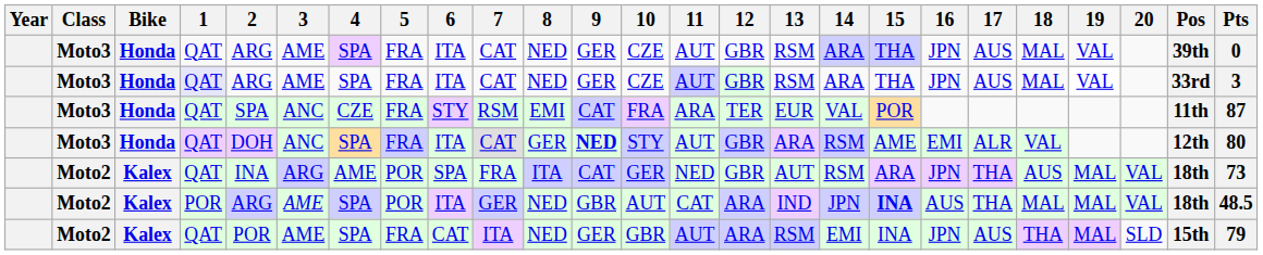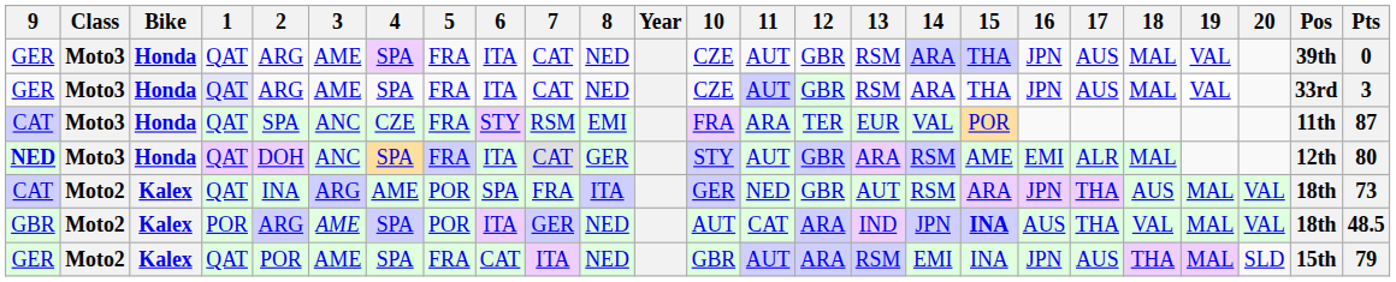 <table class="wikitable" style="text-align:center">
 <tr>
-<th>Year</th>
+<th>9</th>
 <th>Class</th>
 <th>Bike</th>
 <th>1</th>
 <th>2</th>
 <th>3</th>
 <th>4</th>
 <th>5</th>
 <th>6</th>
 <th>7</th>
 <th>8</th>
-<th>9</th>
+<th>Year</th>
 <th>10</th>
 <th>11</th>
 <th>12</th>
 <th>13</th>
 <th>14</th>
 <th>15</th>
 <th>16</th>
 <th>17</th>
 <th>18</th>
 <th>19</th>
 <th>20</th>
 <th>Pos</th>
 <th>Pts</th>
 </tr>
 <tr>
-<th></th>
+<td><a href='#'>GER</a></td>
 <th>Moto3</th>
 <th><a href='#'>Honda</a></th>
 <td><a href='#'>QAT</a></td>
 <td><a href='#'>ARG</a></td>
 <td><a href='#'>AME</a></td>
 <td style="background:#EFCFFF;"><a href='#'>SPA</a><br></td>
 <td><a href='#'>FRA</a></td>
 <td><a href='#'>ITA</a></td>
 <td><a href='#'>CAT</a></td>
 <td><a href='#'>NED</a></td>
-<td><a href='#'>GER</a></td>
+<th></th>
 <td><a href='#'>CZE</a></td>
 <td><a href='#'>AUT</a></td>
 <td><a href='#'>GBR</a></td>
 <td><a href='#'>RSM</a></td>
 <td style="background:#CFCFFF;"><a href='#'>ARA</a><br></td>
 <td style="background:#CFCFFF;"><a href='#'>THA</a><br></td>
 <td><a href='#'>JPN</a></td>
 <td><a href='#'>AUS</a></td>
 <td><a href='#'>MAL</a></td>
 <td><a href='#'>VAL</a></td>
 <td></td>
 <th>39th</th>
 <th>0</th>
 </tr>
 <tr>
-<th></th>
+<td><a href='#'>GER</a></td>
 <th>Moto3</th>
 <th><a href='#'>Honda</a></th>
 <td style="background: lavender;"><a href='#'>QAT</a></td>
 <td><a href='#'>ARG</a></td>
 <td><a href='#'>AME</a></td>
 <td><a href='#'>SPA</a></td>
 <td><a href='#'>FRA</a></td>
 <td><a href='#'>ITA</a></td>
 <td><a href='#'>CAT</a></td>
 <td><a href='#'>NED</a></td>
-<td><a href='#'>GER</a></td>
+<th></th>
 <td><a href='#'>CZE</a></td>
 <td style="background:#CFCFFF;"><a href='#'>AUT</a><br></td>
 <td style="background:#DFFFDF;"><a href='#'>GBR</a><br></td>
 <td><a href='#'>RSM</a></td>
 <td><a href='#'>ARA</a></td>
 <td><a href='#'>THA</a></td>
 <td><a href='#'>JPN</a></td>
 <td><a href='#'>AUS</a></td>
 <td><a href='#'>MAL</a></td>
 <td style="background:#FFFFFF;"><a href='#'>VAL</a><br></td>
 <td></td>
 <th>33rd</th>
 <th>3</th>
 </tr>
 <tr>
-<th></th>
+<td style="background:#cfcfff;"><a href='#'>CAT</a><br></td>
 <th>Moto3</th>
 <th><a href='#'>Honda</a></th>
 <td style="background:#dfffdf;"><a href='#'>QAT</a><br></td>
 <td style="background:#dfffdf;"><a href='#'>SPA</a><br></td>
 <td style="background:#dfffdf;"><a href='#'>ANC</a><br></td>
 <td style="background:#dfffdf;"><a href='#'>CZE</a><br></td>
 <td style="background:#DFFFDF;"><a href='#'>FRA</a><br></td>
 <td style="background:#efcfff;"><a href='#'>STY</a><br></td>
 <td style="background:#dfffdf;"><a href='#'>RSM</a><br></td>
 <td style="background:#dfffdf;"><a href='#'>EMI</a><br></td>
-<td style="background:#cfcfff;"><a href='#'>CAT</a><br></td>
+<th></th>
 <td style="background:#efcfff;"><a href='#'>FRA</a><br></td>
 <td style="background:#dfffdf;"><a href='#'>ARA</a><br></td>
 <td style="background:#dfffdf;"><a href='#'>TER</a><br></td>
 <td style="background:#dfffdf;"><a href='#'>EUR</a><br></td>
 <td style="background:#dfffdf;"><a href='#'>VAL</a><br></td>
 <td style="background:#ffdf9f;"><a href='#'>POR</a><br></td>
 <td></td>
 <td></td>
 <td></td>
 <td></td>
 <td></td>
 <th>11th</th>
 <th>87</th>
 </tr>
 <tr>
-<th></th>
+<td style="background:#dfffdf;"><strong><a href='#'>NED</a></strong><br></td>
 <th>Moto3</th>
 <th><a href='#'>Honda</a></th>
 <td style="background:#efcfff;"><a href='#'>QAT</a><br></td>
 <td style="background:#efcfff;"><a href='#'>DOH</a><br></td>
 <td style="background:#dfffdf;"><a href='#'>ANC</a><br></td>
 <td style="background:#ffdf9f;"><a href='#'>SPA</a><br></td>
 <td style="background:#cfcfff;"><a href='#'>FRA</a><br></td>
 <td style="background:#dfffdf;"><a href='#'>ITA</a><br></td>
 <td style="background:#dfdfdf;"><a href='#'>CAT</a><br></td>
 <td style="background:#dfffdf;"><a href='#'>GER</a><br></td>
-<td style="background:#dfffdf;"><strong><a href='#'>NED</a></strong><br></td>
+<th></th>
 <td style="background:#cfcfff;"><a href='#'>STY</a><br></td>
 <td style="background:#dfffdf;"><a href='#'>AUT</a><br></td>
 <td style="background:#cfcfff;"><a href='#'>GBR</a><br></td>
 <td style="background:#efcfff;"><a href='#'>ARA</a><br></td>
 <td style="background:#cfcfff;"><a href='#'>RSM</a><br></td>
 <td style="background:#dfffdf;"><a href='#'>AME</a><br></td>
 <td style="background:#dfffdf;"><a href='#'>EMI</a><br></td>
 <td style="background:#dfffdf;"><a href='#'>ALR</a><br></td>
-<td style="background:#dfffdf;"><a href='#'>VAL</a><br></td>
+<td style="background:#dfffdf;"><a href='#'>MAL</a><br></td>
 <td></td>
 <td></td>
 <th>12th</th>
 <th>80</th>
 </tr>
 <tr>
-<th></th>
+<td style="background:#cfcfff;"><a href='#'>CAT</a><br></td>
 <th>Moto2</th>
 <th><a href='#'>Kalex</a></th>
 <td style="background:#dfffdf;"><a href='#'>QAT</a><br></td>
 <td style="background:#dfffdf;"><a href='#'>INA</a><br></td>
 <td style="background:#cfcfff;"><a href='#'>ARG</a><br></td>
 <td style="background:#dfffdf;"><a href='#'>AME</a><br></td>
 <td style="background:#dfffdf;"><a href='#'>POR</a><br></td>
 <td style="background:#dfffdf;"><a href='#'>SPA</a><br></td>
 <td style="background:#dfffdf;"><a href='#'>FRA</a><br></td>
 <td style="background:#cfcfff;"><a href='#'>ITA</a><br></td>
-<td style="background:#cfcfff;"><a href='#'>CAT</a><br></td>
+<th></th>
 <td style="background:#cfcfff;"><a href='#'>GER</a><br></td>
 <td style="background:#dfffdf;"><a href='#'>NED</a><br></td>
 <td style="background:#dfffdf;"><a href='#'>GBR</a><br></td>
 <td style="background:#dfffdf;"><a href='#'>AUT</a><br></td>
 <td style="background:#dfffdf;"><a href='#'>RSM</a><br></td>
 <td style="background:#efcfff;"><a href='#'>ARA</a><br></td>
 <td style="background:#efcfff;"><a href='#'>JPN</a><br></td>
 <td style="background:#efcfff;"><a href='#'>THA</a><br></td>
 <td style="background:#dfffdf;"><a href='#'>AUS</a><br></td>
 <td style="background:#dfffdf;"><a href='#'>MAL</a><br></td>
 <td style="background:#dfffdf;"><a href='#'>VAL</a><br></td>
 <th>18th</th>
 <th>73</th>
 </tr>
 <tr>
-<th></th>
+<td style="background:#dfffdf;"><a href='#'>GBR</a><br></td>
 <th>Moto2</th>
 <th><a href='#'>Kalex</a></th>
 <td style="background:#dfffdf;"><a href='#'>POR</a><br></td>
 <td style="background:#cfcfff;"><a href='#'>ARG</a><br></td>
 <td style="background:#dfffdf;"><em><a href='#'>AME</a></em><br></td>
 <td style="background:#cfcfff;"><a href='#'>SPA</a><br></td>
 <td style="background:#dfffdf;"><a href='#'>POR</a><br></td>
 <td style="background:#efcfff;"><a href='#'>ITA</a><br></td>
 <td style="background:#cfcfff;"><a href='#'>GER</a><br></td>
 <td style="background:#dfffdf;"><a href='#'>NED</a><br></td>
-<td style="background:#dfffdf;"><a href='#'>GBR</a><br></td>
+<th></th>
 <td style="background:#dfffdf;"><a href='#'>AUT</a><br></td>
 <td style="background:#dfffdf;"><a href='#'>CAT</a><br></td>
 <td style="background:#CFCFFF;"><a href='#'>ARA</a><br></td>
 <td style="background:#efcfff;"><a href='#'>IND</a><br></td>
 <td style="background:#cfcfff;"><a href='#'>JPN</a><br></td>
 <td style="background:#cfcfff;"><strong><a href='#'>INA</a><br></strong></td>
 <td style="background:#dfffdf;"><a href='#'>AUS</a><br></td>
 <td style="background:#dfffdf;"><a href='#'>THA</a><br></td>
-<td style="background:#dfffdf;"><a href='#'>MAL</a><br></td>
+<td style="background:#dfffdf;"><a href='#'>VAL</a><br></td>
 <td style="background:#dfffdf;"><a href='#'>MAL</a><br></td>
 <td style="background:#dfffdf;"><a href='#'>VAL</a><br></td>
 <th>18th</th>
 <th>48.5</th>
 </tr>
 <tr>
-<th></th>
+<td style="background:#DFFFDF;"><a href='#'>GER</a><br></td>
 <th>Moto2</th>
 <th><a href='#'>Kalex</a></th>
 <td style="background:#DFFFDF;"><a href='#'>QAT</a><br></td>
 <td style="background:#DFFFDF;"><a href='#'>POR</a><br></td>
 <td style="background:#DFFFDF;"><a href='#'>AME</a><br></td>
 <td style="background:#DFFFDF;"><a href='#'>SPA</a><br></td>
 <td style="background:#DFFFDF;"><a href='#'>FRA</a><br></td>
 <td style="background:#DFFFDF;"><a href='#'>CAT</a><br></td>
 <td style="background:#EFCFFF;"><a href='#'>ITA</a><br></td>
 <td style="background:#DFFFDF;"><a href='#'>NED</a><br></td>
-<td style="background:#DFFFDF;"><a href='#'>GER</a><br></td>
+<th></th>
 <td style="background:#DFFFDF;"><a href='#'>GBR</a><br></td>
 <td style="background:#CFCFFF;"><a href='#'>AUT</a><br></td>
 <td style="background:#CFCFFF;"><a href='#'>ARA</a><br></td>
 <td style="background:#CFCFFF;"><a href='#'>RSM</a><br></td>
 <td style="background:#DFFFDF;"><a href='#'>EMI</a><br></td>
 <td style="background:#DFFFDF;"><a href='#'>INA</a><br></td>
 <td style="background:#DFFFDF;"><a href='#'>JPN</a><br></td>
 <td style="background:#DFFFDF;"><a href='#'>AUS</a><br></td>
 <td style="background:#efcfff;"><a href='#'>THA</a><br></td>
 <td style="background:#efcfff;"><a href='#'>MAL</a><br></td>
 <td><a href='#'>SLD</a></td>
 <th>15th</th>
 <th>79</th>
 </tr>
 </table>
